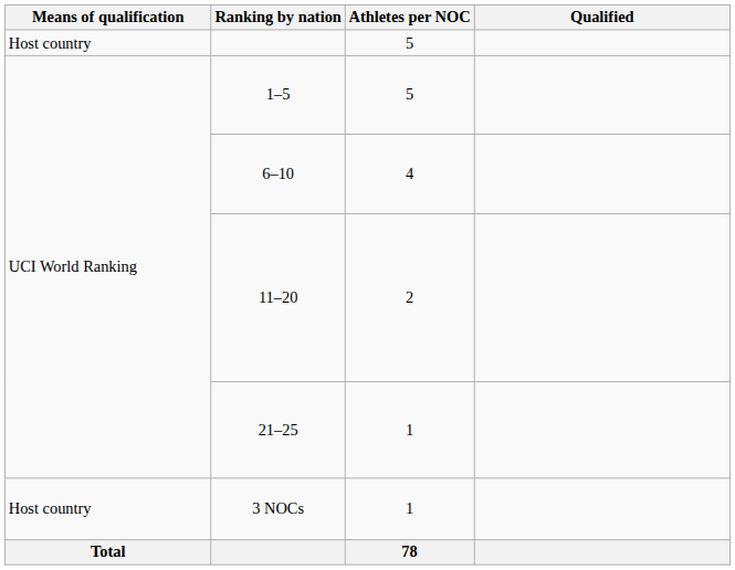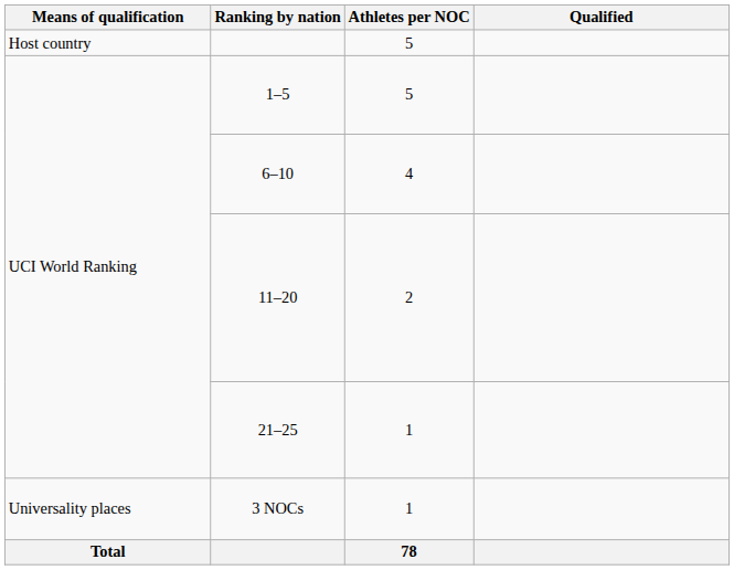 <table class="wikitable"  style="text-align:center;">
 <tr>
 <th width="200">Means of qualification</th>
 <th>Ranking by nation</th>
 <th>Athletes per NOC</th>
 <th width="250">Qualified</th>
 </tr>
 <tr>
 <td style="text-align:left;">Host country</td>
 <td></td>
 <td>5</td>
 <td align="left"></td>
 </tr>
 <tr>
 <td style="text-align:left;" rowspan="4">UCI World Ranking</td>
 <td>1–5</td>
 <td>5</td>
 <td align="left"><br><br><br><br></td>
 </tr>
 <tr>
 <td>6–10</td>
 <td>4</td>
 <td align="left"><br><br><br><br></td>
 </tr>
 <tr>
 <td>11–20</td>
 <td>2</td>
 <td align="left"><br><br><br><br><br><br><br><br><br></td>
 </tr>
 <tr>
 <td>21–25</td>
 <td>1</td>
 <td align="left"><br><br><br><br><br></td>
 </tr>
 <tr>
-<td style="text-align:left;">Host country</td>
+<td style="text-align:left;">Universality places</td>
 <td>3 NOCs</td>
 <td>1</td>
 <td align="left"><br><br><br></td>
 </tr>
 <tr>
 <th>Total</th>
 <th></th>
 <th>78</th>
 <th></th>
 </tr>
 </table>
